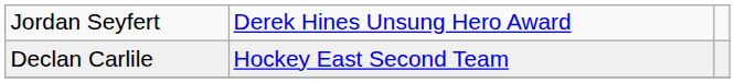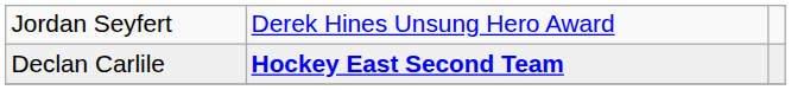 <table class="wikitable" width=40%>
 <tr>
 <td>Jordan Seyfert</td>
 <td rowspan=1><a href='#'>Derek Hines Unsung Hero Award</a></td>
 <td rowspan=1></td>
 </tr>
 <tr bgcolor=f0f0f0>
 <td>Declan Carlile</td>
-<td rowspan=1><a href='#'>Hockey East Second Team</a></td>
+<td rowspan=1><strong><a href='#'>Hockey East Second Team</a></strong></td>
 <td rowspan=1></td>
 </tr>
 <tr>
 </tr>
 </table>
